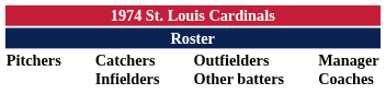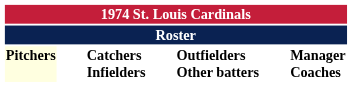 <table class="toccolours" style="font-size: 95%;">
 <tr>
 <th colspan="10" style="background-color: #c41e3a; color: white; text-align: center;">1974 St. Louis Cardinals</th>
 </tr>
 <tr>
 <td colspan="10" style="background-color: #0a2252; color: white; text-align: center;"><strong>Roster</strong></td>
 </tr>
 <tr>
-<td valign="top"><strong>Pitchers</strong><br>               </td>
+<td valign="top" style="background: lightyellow;"><strong>Pitchers</strong><br>               </td>
 <td width="25px"></td>
 <td valign="top"><strong>Catchers</strong><br>    <strong>Infielders</strong>             </td>
 <td width="25px"></td>
 <td valign="top"><strong>Outfielders</strong><br>         <strong>Other batters</strong> </td>
 <td width="25px"></td>
 <td valign="top"><strong>Manager</strong><br> <strong>Coaches</strong>     </td>
 </tr>
 </table>
